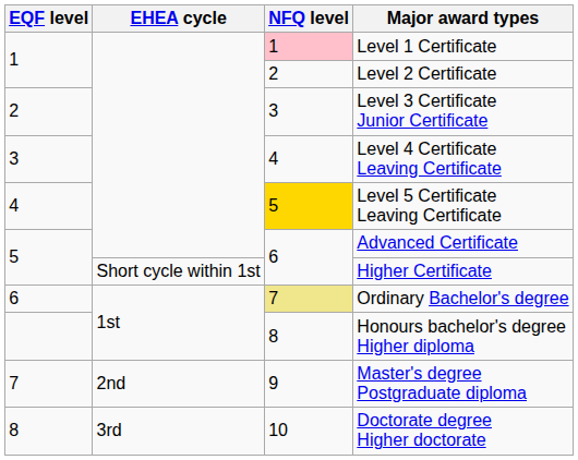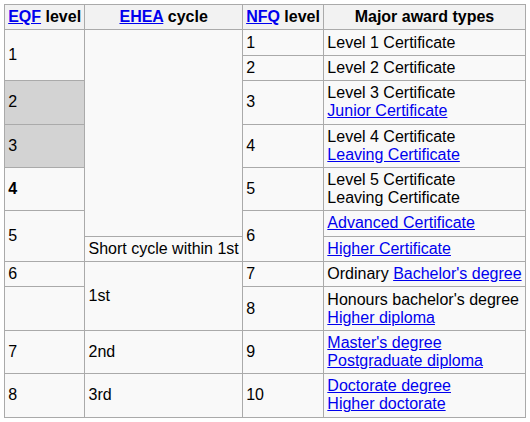 <table class="wikitable sortable">
 <tr>
 <th><a href='#'>EQF</a> level</th>
 <th><a href='#'>EHEA</a> cycle</th>
 <th><a href='#'>NFQ</a> level</th>
 <th>Major award types</th>
 </tr>
 <tr>
 <td rowspan="2">1</td>
 <td rowspan="6"> </td>
-<td style="background: pink;">1</td>
+<td>1</td>
 <td>Level 1 Certificate</td>
 </tr>
 <tr>
 <td>2</td>
 <td>Level 2 Certificate</td>
 </tr>
 <tr>
-<td>2</td>
+<td style="background: lightgrey;">2</td>
 <td>3</td>
 <td>Level 3 Certificate<br><a href='#'>Junior Certificate</a></td>
 </tr>
 <tr>
-<td>3</td>
+<td style="background: lightgrey;">3</td>
 <td>4</td>
 <td>Level 4 Certificate<br><a href='#'>Leaving Certificate</a></td>
 </tr>
 <tr>
-<td>4</td>
-<td style="background: gold;">5</td>
+<td><strong>4</strong></td>
+<td>5</td>
 <td>Level 5 Certificate<br>Leaving Certificate</td>
 </tr>
 <tr>
 <td rowspan="2">5</td>
 <td rowspan="2">6</td>
 <td><a href='#'>Advanced Certificate</a></td>
 </tr>
 <tr>
 <td>Short cycle within 1st</td>
 <td><a href='#'>Higher Certificate</a></td>
 </tr>
 <tr>
 <td>6</td>
 <td rowspan="2">1st</td>
-<td style="background: khaki;">7</td>
+<td>7</td>
 <td>Ordinary <a href='#'>Bachelor's degree</a></td>
 </tr>
 <tr>
 <td> </td>
 <td>8</td>
 <td>Honours bachelor's degree<br><a href='#'>Higher diploma</a></td>
 </tr>
 <tr>
 <td>7</td>
 <td>2nd</td>
 <td>9</td>
 <td><a href='#'>Master's degree</a><br><a href='#'>Postgraduate diploma</a></td>
 </tr>
 <tr>
 <td>8</td>
 <td>3rd</td>
 <td>10</td>
 <td><a href='#'>Doctorate degree</a><br><a href='#'>Higher doctorate</a></td>
 </tr>
 </table>
